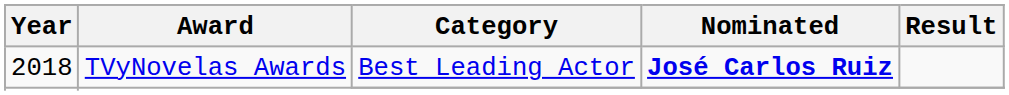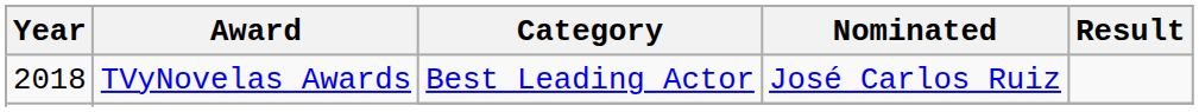 <table class="wikitable plainrowheaders">
 <tr>
 <th scope="col">Year</th>
 <th scope="col">Award</th>
 <th scope="col">Category</th>
 <th scope="col">Nominated</th>
 <th scope="col">Result</th>
 </tr>
 <tr>
 <td rowspan="2">2018</td>
 <td rowspan="2"><a href='#'>TVyNovelas Awards</a></td>
 <td><a href='#'>Best Leading Actor</a></td>
-<td><strong><a href='#'>José Carlos Ruiz</a></strong></td>
+<td><a href='#'>José Carlos Ruiz</a></td>
 <td></td>
 </tr>
 <tr>
 </tr>
 </table>
